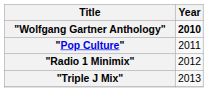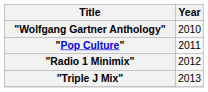 <table class="wikitable plainrowheaders" style="text-align:center;">
 <tr>
 <th scope="col" style="width:16em">Title</th>
 <th scope="col">Year</th>
 </tr>
 <tr>
 <th scope="row">"Wolfgang Gartner Anthology"</th>
-<td><strong>2010</strong></td>
+<td>2010</td>
 </tr>
 <tr>
 <th scope="row">"<a href='#'>Pop Culture</a>"</th>
 <td>2011</td>
 </tr>
 <tr>
 <th scope="row">"Radio 1 Minimix"</th>
 <td>2012</td>
 </tr>
 <tr>
 <th scope="row">"Triple J Mix"</th>
 <td>2013</td>
 </tr>
 <tr>
 </tr>
 </table>
